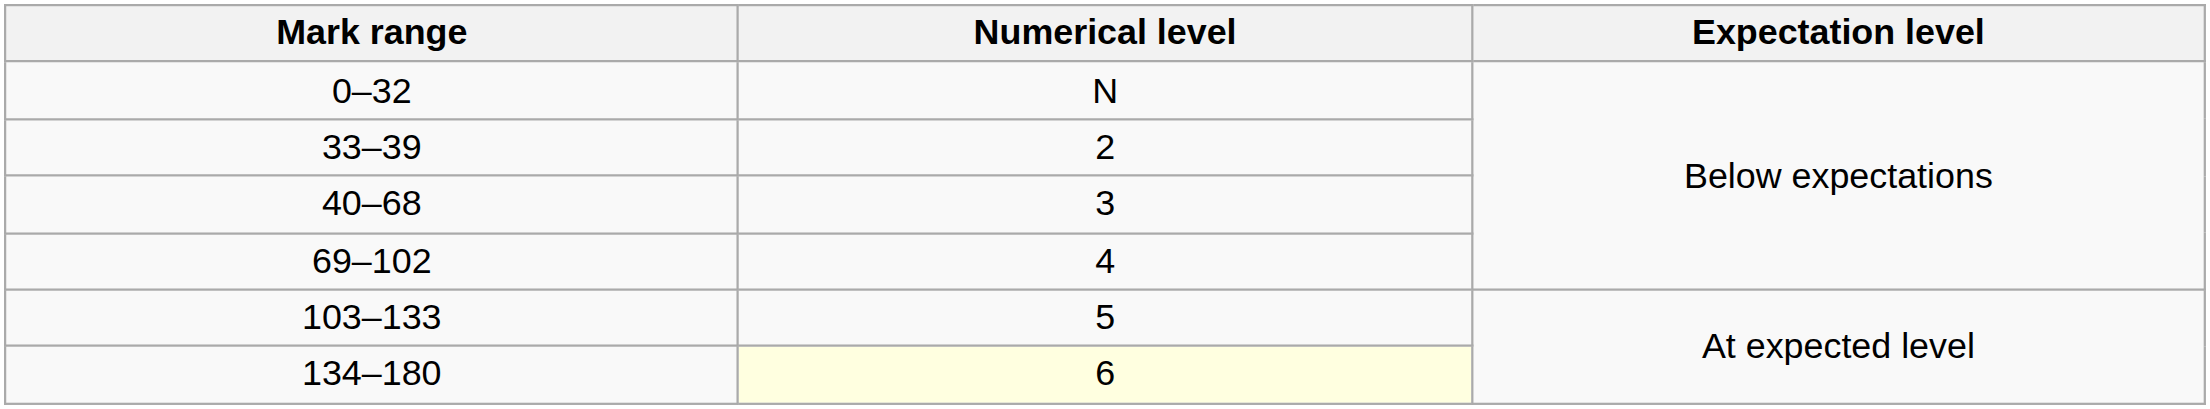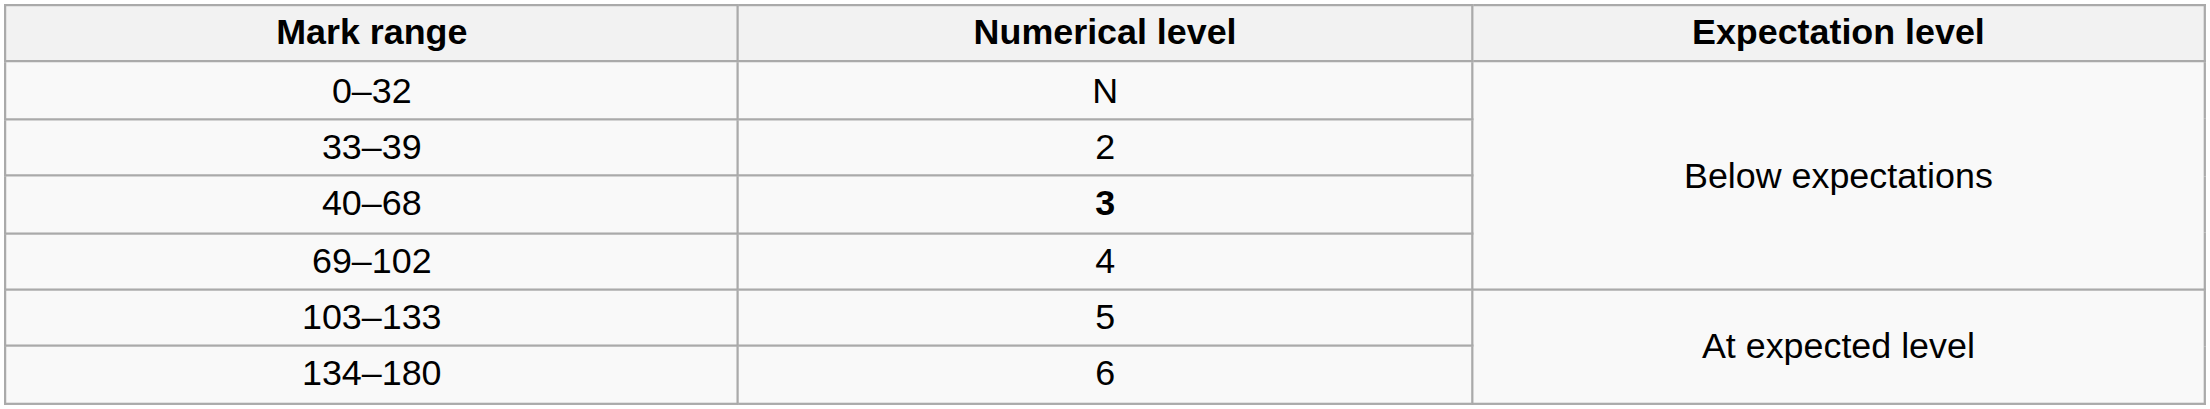 <table class="wikitable" style="text-align: center;margin:0px;">
 <tr>
 <th style="width:20em;">Mark range</th>
 <th style="width:20em;">Numerical level</th>
 <th style="width:20em;">Expectation level</th>
 </tr>
 <tr>
 <td>0–32</td>
 <td>N</td>
 <td rowspan="4">Below expectations</td>
 </tr>
 <tr>
 <td>33–39</td>
 <td>2</td>
 </tr>
 <tr>
 <td>40–68</td>
-<td>3</td>
+<td><strong>3</strong></td>
 </tr>
 <tr>
 <td>69–102</td>
 <td>4</td>
 </tr>
 <tr>
 <td>103–133</td>
 <td>5</td>
 <td rowspan="2">At expected level</td>
 </tr>
 <tr>
 <td>134–180</td>
-<td style="background: lightyellow;">6</td>
+<td>6</td>
 </tr>
 </table>
